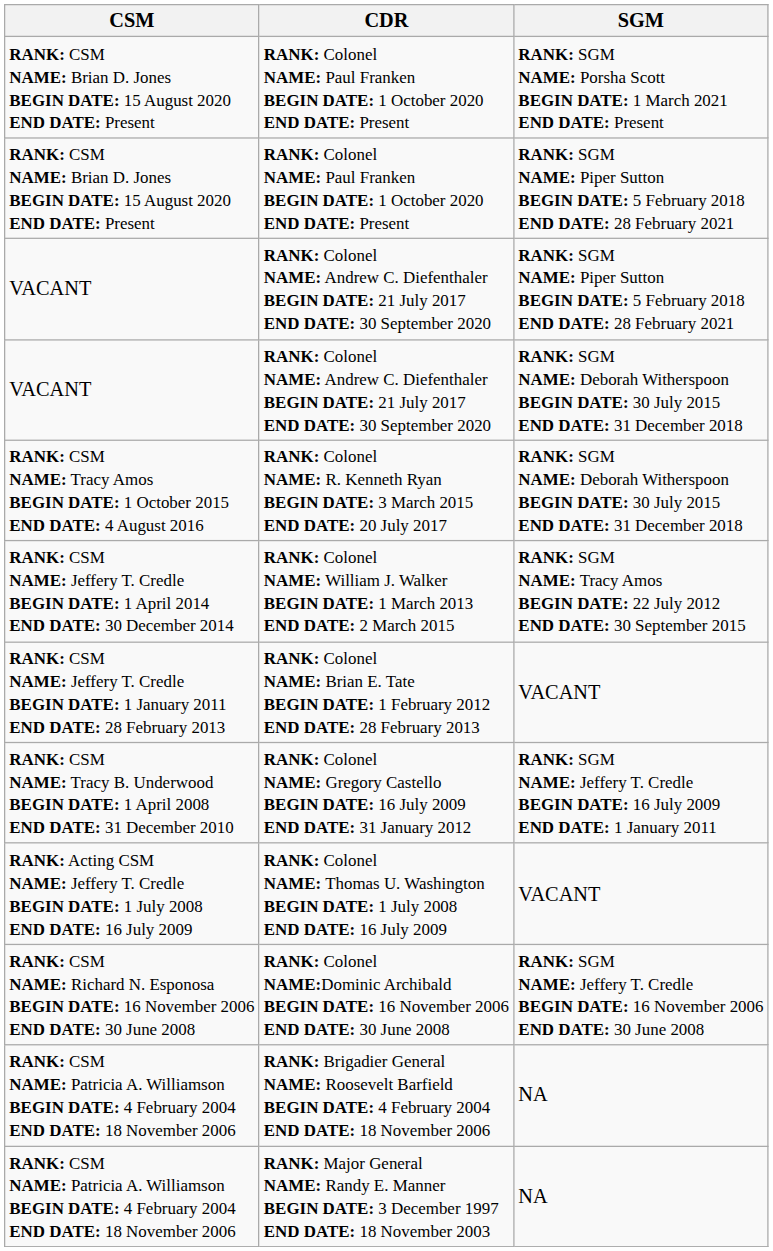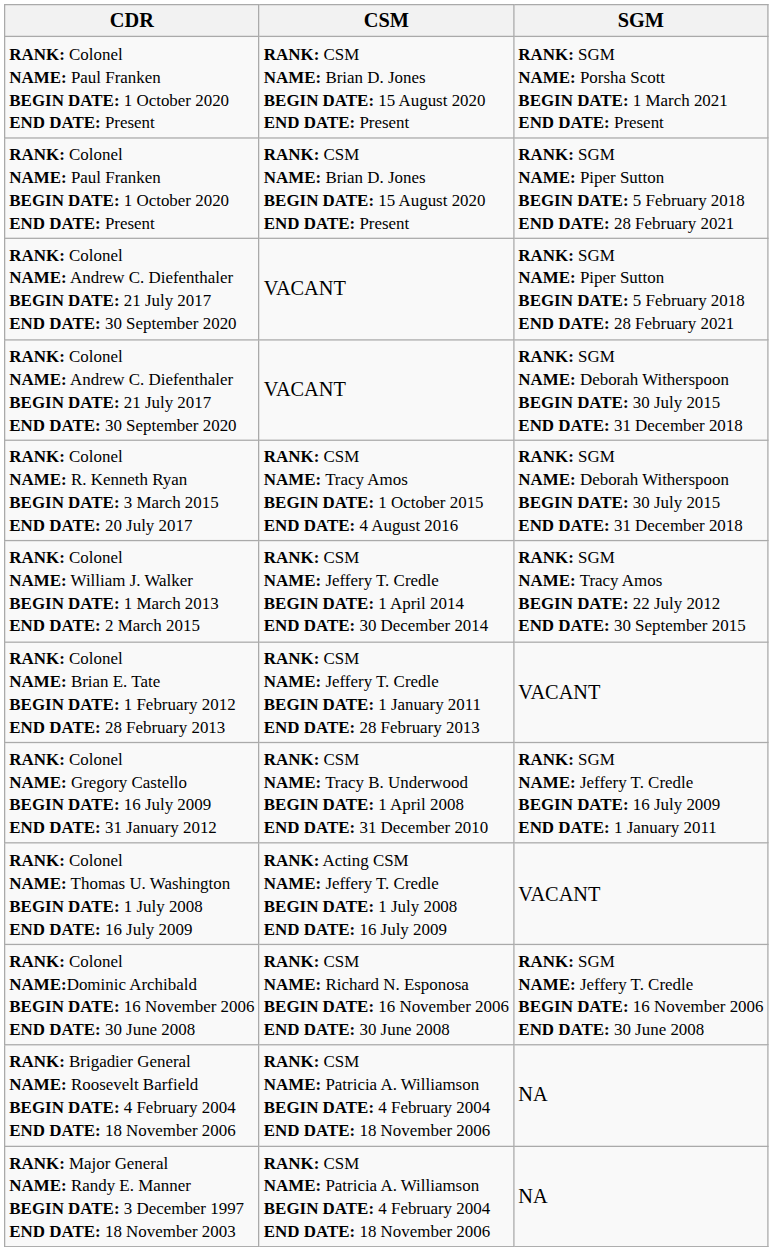 <table class="wikitable">
 <tr>
+<th>CDR</th>
 <th>CSM</th>
-<th>CDR</th>
 <th>SGM</th>
 </tr>
 <tr>
+<td><small><strong>RANK:</strong>  Colonel<br><strong>NAME:</strong>  Paul Franken<br><strong>BEGIN DATE:</strong>  1 October 2020<br><strong>END DATE:</strong>  Present</small></td>
 <td><small><strong>RANK:</strong>  CSM<br><strong>NAME:</strong>  Brian D. Jones<br><strong>BEGIN DATE:</strong>  15 August 2020<br><strong>END DATE:</strong>  Present</small></td>
-<td><small><strong>RANK:</strong>  Colonel<br><strong>NAME:</strong>  Paul Franken<br><strong>BEGIN DATE:</strong>  1 October 2020<br><strong>END DATE:</strong>  Present</small></td>
 <td><small><strong>RANK:</strong>  SGM<br><strong>NAME:</strong>  Porsha Scott<br><strong>BEGIN DATE:</strong>  1 March 2021<br><strong>END DATE:</strong>  Present</small></td>
 </tr>
 <tr>
+<td><small><strong>RANK:</strong>  Colonel<br><strong>NAME:</strong>  Paul Franken<br><strong>BEGIN DATE:</strong>  1 October 2020<br><strong>END DATE:</strong>  Present</small></td>
 <td><small><strong>RANK:</strong>  CSM<br><strong>NAME:</strong>  Brian D. Jones<br><strong>BEGIN DATE:</strong>  15 August 2020<br><strong>END DATE:</strong>  Present</small></td>
-<td><small><strong>RANK:</strong>  Colonel<br><strong>NAME:</strong>  Paul Franken<br><strong>BEGIN DATE:</strong>  1 October 2020<br><strong>END DATE:</strong>  Present</small></td>
 <td><small><strong>RANK:</strong>  SGM<br><strong>NAME:</strong>  Piper Sutton<br><strong>BEGIN DATE:</strong>  5 February 2018<br><strong>END DATE:</strong>  28 February 2021</small></td>
 </tr>
 <tr>
+<td><small><strong>RANK:</strong>  Colonel<br><strong>NAME:</strong>  Andrew C. Diefenthaler<br><strong>BEGIN DATE:</strong>  21 July 2017<br><strong>END DATE:</strong>  30 September 2020</small></td>
 <td>VACANT</td>
-<td><small><strong>RANK:</strong>  Colonel<br><strong>NAME:</strong>  Andrew C. Diefenthaler<br><strong>BEGIN DATE:</strong>  21 July 2017<br><strong>END DATE:</strong>  30 September 2020</small></td>
 <td><small><strong>RANK:</strong>  SGM<br><strong>NAME:</strong>  Piper Sutton<br><strong>BEGIN DATE:</strong>  5 February 2018<br><strong>END DATE:</strong>  28 February 2021</small></td>
 </tr>
 <tr>
+<td><small><strong>RANK:</strong>  Colonel<br><strong>NAME:</strong>  Andrew C. Diefenthaler<br><strong>BEGIN DATE:</strong>  21 July 2017<br><strong>END DATE:</strong>  30 September 2020</small></td>
 <td>VACANT</td>
-<td><small><strong>RANK:</strong>  Colonel<br><strong>NAME:</strong>  Andrew C. Diefenthaler<br><strong>BEGIN DATE:</strong>  21 July 2017<br><strong>END DATE:</strong>  30 September 2020</small></td>
 <td><small><strong>RANK:</strong>  SGM<br><strong>NAME:</strong>  Deborah Witherspoon<br><strong>BEGIN DATE:</strong>  30 July 2015<br><strong>END DATE:</strong>  31 December 2018</small></td>
 </tr>
 <tr>
+<td><small><strong>RANK:</strong>  Colonel<br><strong>NAME:</strong>  R. Kenneth Ryan<br><strong>BEGIN DATE:</strong>  3 March 2015<br><strong>END DATE:</strong>  20 July 2017</small></td>
 <td><small><strong>RANK:</strong>  CSM<br><strong>NAME:</strong>  Tracy Amos<br><strong>BEGIN DATE:</strong>  1 October 2015<br><strong>END DATE:</strong>  4 August 2016</small></td>
-<td><small><strong>RANK:</strong>  Colonel<br><strong>NAME:</strong>  R. Kenneth Ryan<br><strong>BEGIN DATE:</strong>  3 March 2015<br><strong>END DATE:</strong>  20 July 2017</small></td>
 <td><small><strong>RANK:</strong>  SGM<br><strong>NAME:</strong>  Deborah Witherspoon<br><strong>BEGIN DATE:</strong>  30 July 2015<br><strong>END DATE:</strong>  31 December 2018</small></td>
 </tr>
 <tr>
+<td><small><strong>RANK:</strong>  Colonel<br><strong>NAME:</strong>  William J. Walker<br><strong>BEGIN DATE:</strong>  1 March 2013<br><strong>END DATE:</strong>  2 March 2015</small></td>
 <td><small><strong>RANK:</strong>  CSM<br><strong>NAME:</strong>  Jeffery T. Credle<br><strong>BEGIN DATE:</strong>  1 April 2014<br><strong>END DATE:</strong>  30 December 2014</small></td>
-<td><small><strong>RANK:</strong>  Colonel<br><strong>NAME:</strong>  William J. Walker<br><strong>BEGIN DATE:</strong>  1 March 2013<br><strong>END DATE:</strong>  2 March 2015</small></td>
 <td><small><strong>RANK:</strong>  SGM<br><strong>NAME:</strong>  Tracy Amos<br><strong>BEGIN DATE:</strong>  22 July 2012<br><strong>END DATE:</strong>  30 September 2015</small></td>
 </tr>
 <tr>
+<td><small><strong>RANK:</strong>  Colonel<br><strong>NAME:</strong> Brian E. Tate<br><strong>BEGIN DATE:</strong>  1 February 2012<br><strong>END DATE:</strong> 28 February 2013</small></td>
 <td><small><strong>RANK:</strong>  CSM<br><strong>NAME:</strong>  Jeffery T. Credle<br><strong>BEGIN DATE:</strong>  1 January 2011<br><strong>END DATE:</strong> 28 February 2013</small></td>
-<td><small><strong>RANK:</strong>  Colonel<br><strong>NAME:</strong> Brian E. Tate<br><strong>BEGIN DATE:</strong>  1 February 2012<br><strong>END DATE:</strong> 28 February 2013</small></td>
 <td>VACANT</td>
 </tr>
 <tr>
+<td><small><strong>RANK:</strong>  Colonel<br><strong>NAME:</strong> Gregory Castello<br><strong>BEGIN DATE:</strong>  16 July 2009<br><strong>END DATE:</strong>  31 January 2012</small></td>
 <td><small><strong>RANK:</strong>  CSM<br><strong>NAME:</strong>  Tracy B. Underwood<br><strong>BEGIN DATE:</strong>  1 April 2008<br><strong>END DATE:</strong>  31 December 2010</small></td>
-<td><small><strong>RANK:</strong>  Colonel<br><strong>NAME:</strong> Gregory Castello<br><strong>BEGIN DATE:</strong>  16 July 2009<br><strong>END DATE:</strong>  31 January 2012</small></td>
 <td><small><strong>RANK:</strong>  SGM<br><strong>NAME:</strong>  Jeffery T. Credle<br><strong>BEGIN DATE:</strong>  16 July 2009<br><strong>END DATE:</strong>  1 January 2011</small></td>
 </tr>
 <tr>
+<td><small><strong>RANK:</strong>  Colonel<br><strong>NAME:</strong>  Thomas U. Washington<br><strong>BEGIN DATE:</strong> 1 July 2008<br><strong>END DATE:</strong>  16 July 2009</small></td>
 <td><small><strong>RANK:</strong>  Acting CSM<br><strong>NAME:</strong>  Jeffery T. Credle<br><strong>BEGIN DATE:</strong>  1 July 2008<br><strong>END DATE:</strong> 16 July 2009</small></td>
-<td><small><strong>RANK:</strong>  Colonel<br><strong>NAME:</strong>  Thomas U. Washington<br><strong>BEGIN DATE:</strong> 1 July 2008<br><strong>END DATE:</strong>  16 July 2009</small></td>
 <td>VACANT</td>
 </tr>
 <tr>
+<td><small><strong>RANK:</strong>  Colonel<br><strong>NAME:</strong>Dominic Archibald<br><strong>BEGIN DATE:</strong>  16 November 2006<br><strong>END DATE:</strong> 30 June 2008</small></td>
 <td><small><strong>RANK:</strong>  CSM<br><strong>NAME:</strong>  Richard N. Esponosa<br><strong>BEGIN DATE:</strong>   16 November 2006<br><strong>END DATE:</strong> 30 June 2008</small></td>
-<td><small><strong>RANK:</strong>  Colonel<br><strong>NAME:</strong>Dominic Archibald<br><strong>BEGIN DATE:</strong>  16 November 2006<br><strong>END DATE:</strong> 30 June 2008</small></td>
 <td><small><strong>RANK:</strong>  SGM<br><strong>NAME:</strong>  Jeffery T. Credle<br><strong>BEGIN DATE:</strong>  16 November 2006<br><strong>END DATE:</strong> 30 June 2008</small></td>
 </tr>
 <tr>
+<td><small><strong>RANK:</strong> Brigadier General<br><strong>NAME:</strong>  Roosevelt Barfield<br><strong>BEGIN DATE:</strong> 4 February 2004<br><strong>END DATE:</strong>  18 November 2006</small></td>
 <td><small><strong>RANK:</strong>  CSM<br><strong>NAME:</strong>  Patricia A. Williamson <br><strong>BEGIN DATE:</strong> 4 February 2004<br><strong>END DATE:</strong>  18 November 2006</small></td>
-<td><small><strong>RANK:</strong> Brigadier General<br><strong>NAME:</strong>  Roosevelt Barfield<br><strong>BEGIN DATE:</strong> 4 February 2004<br><strong>END DATE:</strong>  18 November 2006</small></td>
 <td>NA</td>
 </tr>
 <tr>
+<td><small><strong>RANK:</strong> Major General<br><strong>NAME:</strong> Randy E. Manner<br><strong>BEGIN DATE:</strong> 3 December 1997<br><strong>END DATE:</strong> 18 November 2003</small></td>
 <td><small><strong>RANK:</strong>  CSM<br><strong>NAME:</strong>  Patricia A. Williamson <br><strong>BEGIN DATE:</strong> 4 February 2004<br><strong>END DATE:</strong>  18 November 2006</small></td>
-<td><small><strong>RANK:</strong> Major General<br><strong>NAME:</strong> Randy E. Manner<br><strong>BEGIN DATE:</strong> 3 December 1997<br><strong>END DATE:</strong> 18 November 2003</small></td>
 <td>NA</td>
 </tr>
 </table>
